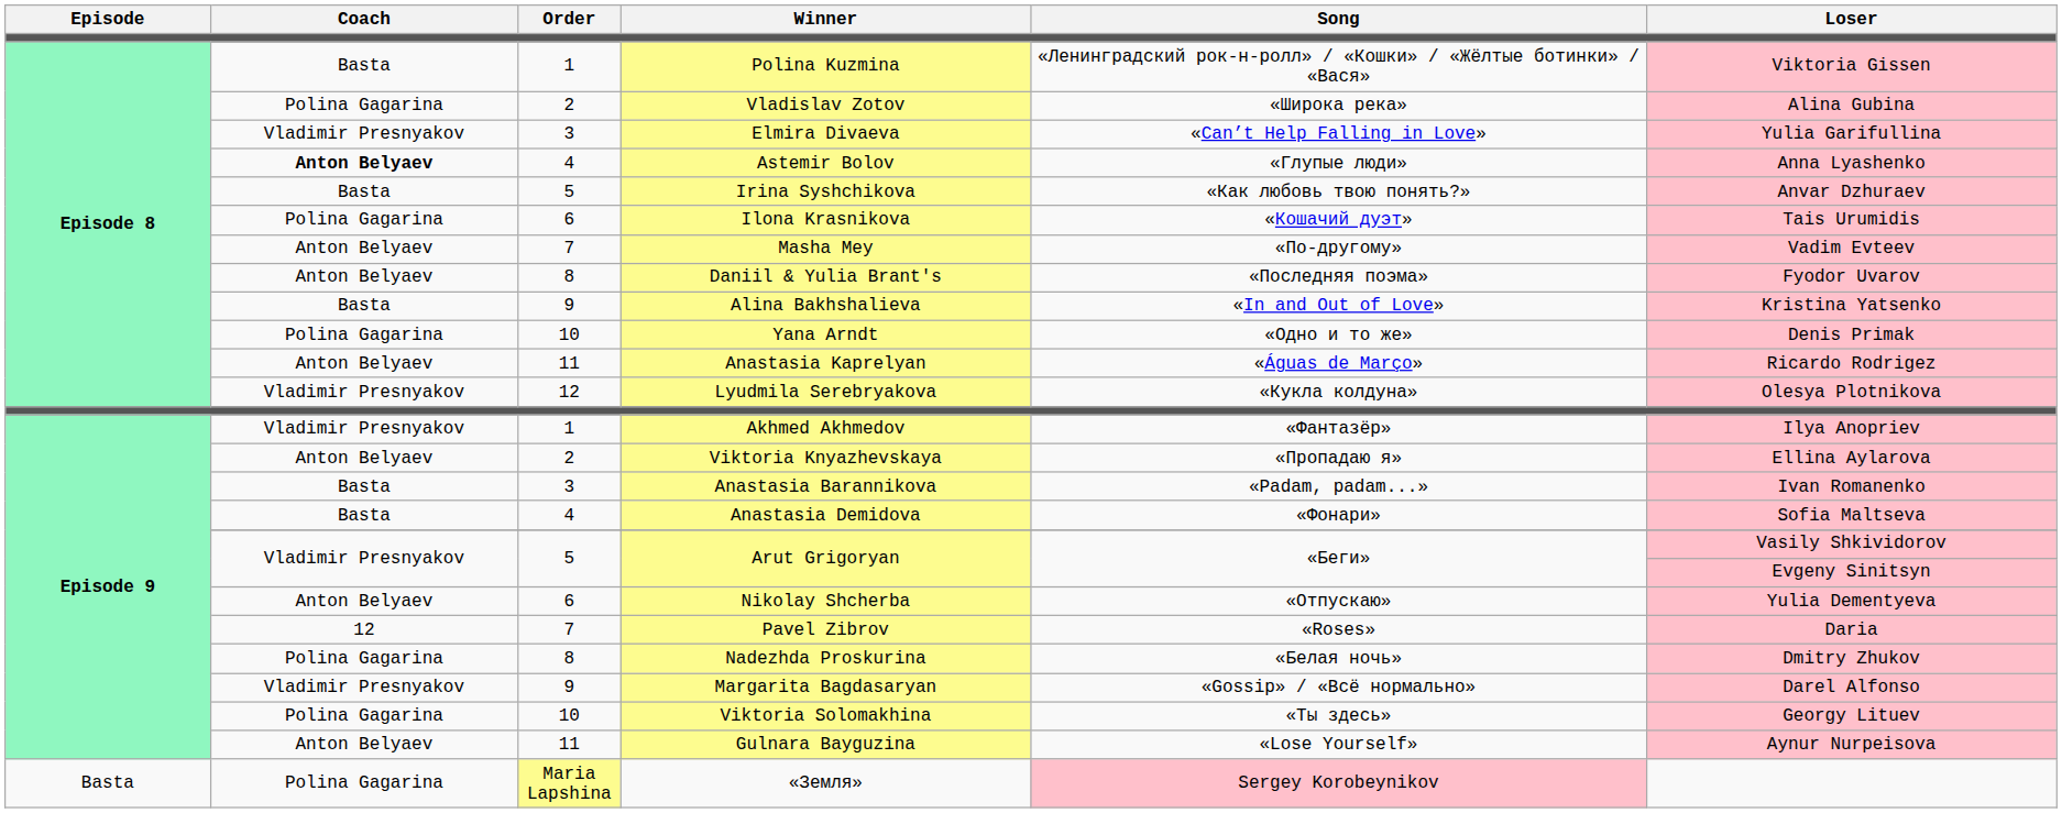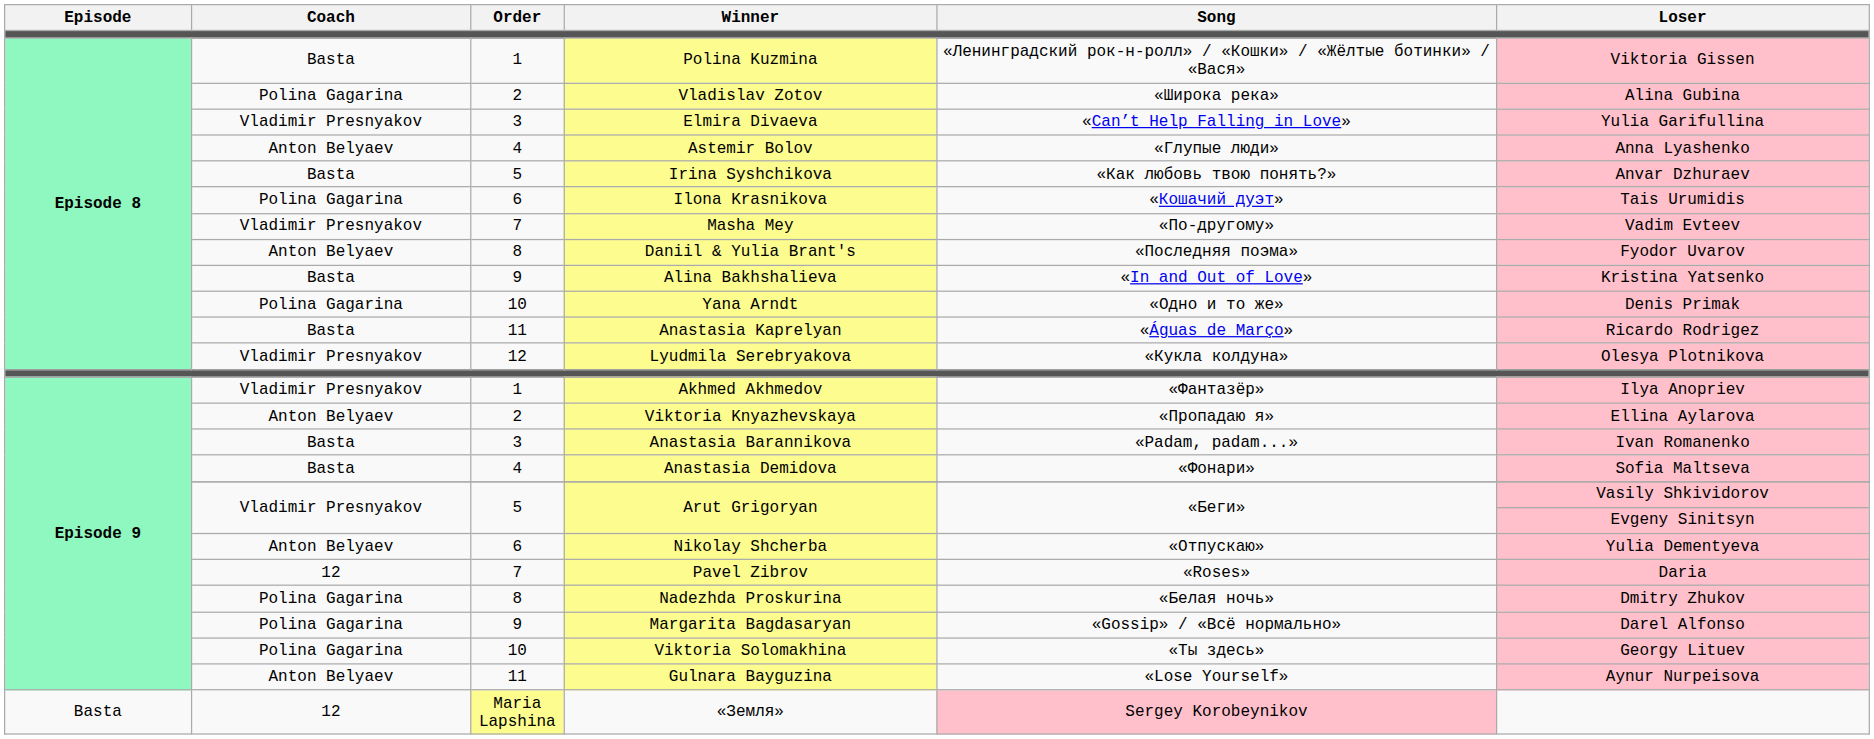 <table class="wikitable" style="text-align: center; width:120%;">
 <tr>
 <th style="width:10%;">Episode</th>
 <th style="width:15%;">Coach</th>
 <th style="width:05%;">Order</th>
 <th style="width:20%;">Winner</th>
 <th style="width:30%;">Song</th>
 <th style="width:20%;">Loser</th>
 </tr>
 <tr>
 <td colspan="6" style="background:#555;"></td>
 </tr>
 <tr>
 <th rowspan=12 style="background:#8ff7c0;">Episode 8 <br><small>  </small></th>
 <td>Basta</td>
 <td>1</td>
 <td style="background:#fdfc8f;">Polina Kuzmina</td>
 <td>«Ленинградский рок-н-ролл» / «Кошки» / «Жёлтые ботинки» / «Вася»</td>
 <td style="background:pink;">Viktoria Gissen</td>
 </tr>
 <tr>
 <td>Polina Gagarina</td>
 <td>2</td>
 <td style="background:#fdfc8f;">Vladislav Zotov</td>
 <td>«Широка река»</td>
 <td style="background:pink;">Alina Gubina</td>
 </tr>
 <tr>
 <td>Vladimir Presnyakov</td>
 <td>3</td>
 <td style="background:#fdfc8f;">Elmira Divaeva</td>
 <td>«<a href='#'>Can’t Help Falling in Love</a>»</td>
 <td style="background:pink;">Yulia Garifullina</td>
 </tr>
 <tr>
-<td><strong>Anton Belyaev</strong></td>
+<td>Anton Belyaev</td>
 <td>4</td>
 <td style="background:#fdfc8f;">Astemir Bolov</td>
 <td>«Глупые люди»</td>
 <td style="background:pink;">Anna Lyashenko</td>
 </tr>
 <tr>
 <td>Basta</td>
 <td>5</td>
 <td style="background:#fdfc8f;">Irina Syshchikova</td>
 <td>«Как любовь твою понять?»</td>
 <td style="background:pink;">Anvar Dzhuraev</td>
 </tr>
 <tr>
 <td>Polina Gagarina</td>
 <td>6</td>
 <td style="background:#fdfc8f;">Ilona Krasnikova</td>
 <td>«<a href='#'>Кошачий дуэт</a>»</td>
 <td style="background:pink;">Tais Urumidis</td>
 </tr>
 <tr>
-<td>Anton Belyaev</td>
+<td>Vladimir Presnyakov</td>
 <td>7</td>
 <td style="background:#fdfc8f;">Masha Mey</td>
 <td>«По-другому»</td>
 <td style="background:pink;">Vadim Evteev</td>
 </tr>
 <tr>
 <td>Anton Belyaev</td>
 <td>8</td>
 <td style="background:#fdfc8f;">Daniil & Yulia Brant's</td>
 <td>«Последняя поэма»</td>
 <td style="background:pink;">Fyodor Uvarov</td>
 </tr>
 <tr>
 <td>Basta</td>
 <td>9</td>
 <td style="background:#fdfc8f;">Alina Bakhshalieva</td>
 <td>«<a href='#'>In and Out of Love</a>»</td>
 <td style="background:pink;">Kristina Yatsenko</td>
 </tr>
 <tr>
 <td>Polina Gagarina</td>
 <td>10</td>
 <td style="background:#fdfc8f;">Yana Arndt</td>
 <td>«Одно и то же»</td>
 <td style="background:pink;">Denis Primak</td>
 </tr>
 <tr>
-<td>Anton Belyaev</td>
+<td>Basta</td>
 <td>11</td>
 <td style="background:#fdfc8f;">Anastasia Kaprelyan</td>
 <td>«<a href='#'>Águas de Março</a>»</td>
 <td style="background:pink;">Ricardo Rodrigez</td>
 </tr>
 <tr>
 <td>Vladimir Presnyakov</td>
 <td>12</td>
 <td style="background:#fdfc8f;">Lyudmila Serebryakova</td>
 <td>«Кукла колдуна»</td>
 <td style="background:pink;">Olesya Plotnikova</td>
 </tr>
 <tr>
 <td colspan="6" style="background:#555;"></td>
 </tr>
 <tr>
 <th rowspan=13 style="background:#8ff7c0;">Episode 9 <br><small>  </small></th>
 <td>Vladimir Presnyakov</td>
 <td>1</td>
 <td style="background:#fdfc8f;">Akhmed Akhmedov</td>
 <td>«Фантазёр»</td>
 <td style="background:pink;">Ilya Anopriev</td>
 </tr>
 <tr>
 <td>Anton Belyaev</td>
 <td>2</td>
 <td style="background:#fdfc8f;">Viktoria Knyazhevskaya</td>
 <td>«Пропадаю я»</td>
 <td style="background:pink;">Ellina Aylarova</td>
 </tr>
 <tr>
 <td>Basta</td>
 <td>3</td>
 <td style="background:#fdfc8f;">Anastasia Barannikova</td>
 <td>«Padam, padam...»</td>
 <td style="background:pink;">Ivan Romanenko</td>
 </tr>
 <tr>
 <td>Basta</td>
 <td>4</td>
 <td style="background:#fdfc8f;">Anastasia Demidova</td>
 <td>«Фонари»</td>
 <td style="background:pink;">Sofia Maltseva</td>
 </tr>
 <tr>
 </tr>
 <tr>
 <td rowspan=2>Vladimir Presnyakov</td>
 <td rowspan=2>5</td>
 <td rowspan=2 style="background:#fdfc8f;">Arut Grigoryan</td>
 <td rowspan=2>«Беги»</td>
 <td style="background:pink;">Vasily Shkividorov</td>
 </tr>
 <tr>
 <td style="background:pink;">Evgeny Sinitsyn</td>
 </tr>
 <tr>
 <td>Anton Belyaev</td>
 <td>6</td>
 <td style="background:#fdfc8f;">Nikolay Shcherba</td>
 <td>«Отпускаю»</td>
 <td style="background:pink;">Yulia Dementyeva</td>
 </tr>
 <tr>
 <td>12</td>
 <td>7</td>
 <td style="background:#fdfc8f;">Pavel Zibrov</td>
 <td>«Roses»</td>
 <td style="background:pink;">Daria</td>
 </tr>
 <tr>
 <td>Polina Gagarina</td>
 <td>8</td>
 <td style="background:#fdfc8f;">Nadezhda Proskurina</td>
 <td>«Белая ночь»</td>
 <td style="background:pink;">Dmitry Zhukov</td>
 </tr>
 <tr>
-<td>Vladimir Presnyakov</td>
+<td>Polina Gagarina</td>
 <td>9</td>
 <td style="background:#fdfc8f;">Margarita Bagdasaryan</td>
 <td>«Gossip» / «Всё нормально»</td>
 <td style="background:pink;">Darel Alfonso</td>
 </tr>
 <tr>
 <td>Polina Gagarina</td>
 <td>10</td>
 <td style="background:#fdfc8f;">Viktoria Solomakhina</td>
 <td>«Ты здесь»</td>
 <td style="background:pink;">Georgy Lituev</td>
 </tr>
 <tr>
 <td>Anton Belyaev</td>
 <td>11</td>
 <td style="background:#fdfc8f;">Gulnara Bayguzina</td>
 <td>«Lose Yourself»</td>
 <td style="background:pink;">Aynur Nurpeisova</td>
 </tr>
 <tr>
 <td>Basta</td>
-<td>Polina Gagarina</td>
+<td>12</td>
 <td style="background:#fdfc8f;">Maria Lapshina</td>
 <td>«Земля»</td>
 <td style="background:pink;">Sergey Korobeynikov</td>
 </tr>
 </table>
